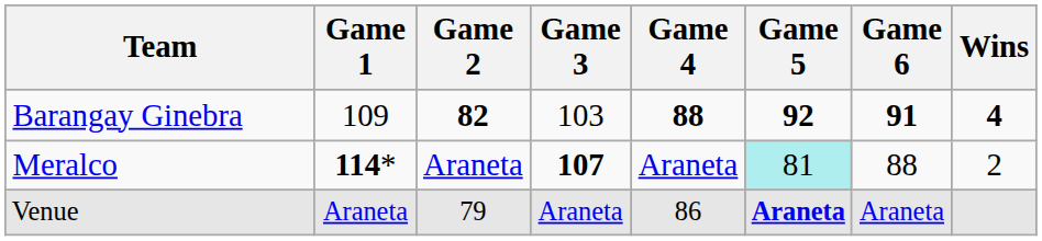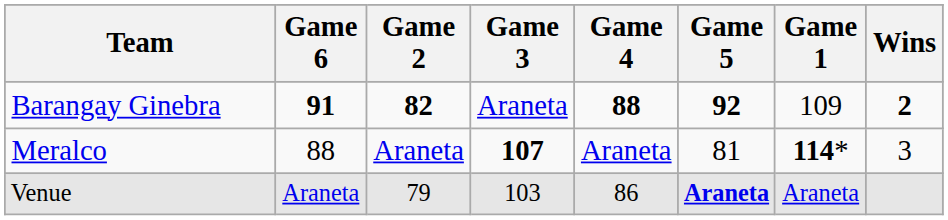 <table class=wikitable width=525 align=center>
 <tr style="text-align:center;">
 <th align=center width=40%>Team</th>
-<th width=10%>Game 1</th>
+<th width=10%>Game 6</th>
 <th width=10%>Game 2</th>
 <th width=10%>Game 3</th>
 <th width=10%>Game 4</th>
 <th width=10%>Game 5</th>
-<th width=10%>Game 6</th>
+<th width=10%>Game 1</th>
 <th width=8%>Wins</th>
 </tr>
 <tr style="text-align:center;">
 <td align=left><a href='#'>Barangay Ginebra</a></td>
-<td>109</td>
+<td><strong>91</strong></td>
 <td><strong>82</strong></td>
-<td>103</td>
+<td><a href='#'>Araneta</a></td>
 <td><strong>88</strong></td>
 <td><strong>92</strong></td>
-<td><strong>91</strong></td>
-<td><strong>4</strong></td>
+<td>109</td>
+<td><strong>2</strong></td>
 </tr>
 <tr style="text-align:center;">
 <td align=left><a href='#'>Meralco</a></td>
-<td><strong>114</strong>*</td>
+<td>88</td>
 <td><a href='#'>Araneta</a></td>
 <td><strong>107</strong></td>
 <td><a href='#'>Araneta</a></td>
-<td style="background: paleturquoise;">81</td>
-<td>88</td>
-<td>2</td>
+<td>81</td>
+<td><strong>114</strong>*</td>
+<td>3</td>
 </tr>
 <tr style="text-align:center; font-size: 85%; background-color:#e6e6e6;">
 <td align=left>Venue</td>
 <td><a href='#'>Araneta</a></td>
 <td>79</td>
-<td><a href='#'>Araneta</a></td>
+<td>103</td>
 <td>86</td>
 <td><strong><a href='#'>Araneta</a></strong></td>
 <td><a href='#'>Araneta</a></td>
 <td></td>
 </tr>
 </table>
